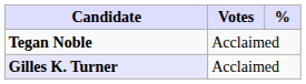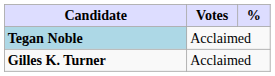 <table class="wikitable">
 <tr>
 <th style="background:#ddf; width:200px;">Candidate</th>
 <th style="background:#ddf; width:50px;">Votes</th>
 <th style="background:#ddf; width:30px;">%</th>
 </tr>
 <tr>
-<td><strong>Tegan Noble</strong></td>
+<td style="background: lightblue;"><strong>Tegan Noble</strong></td>
 <td colspan="2">Acclaimed</td>
 </tr>
 <tr>
-<td style="background: lavender;"><strong>Gilles K. Turner</strong></td>
+<td><strong>Gilles K. Turner</strong></td>
 <td colspan="2">Acclaimed</td>
 </tr>
 </table>
